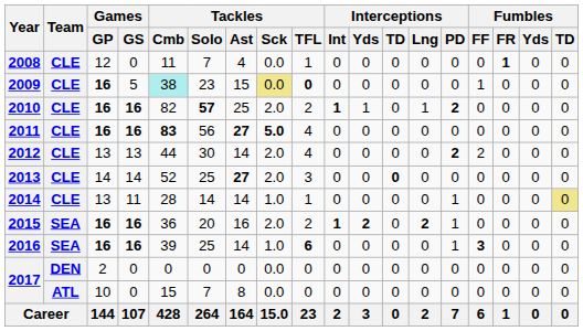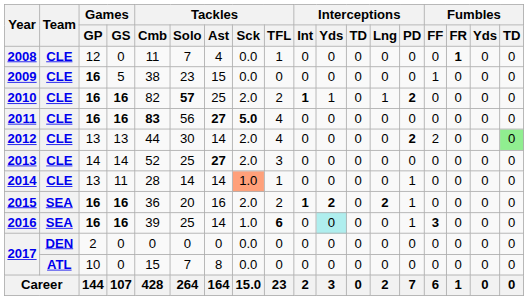 <table class="wikitable" style="text-align:center">
 <tr>
 <th rowspan="2">Year</th>
 <th rowspan="2">Team</th>
 <th colspan="2">Games</th>
 <th colspan="5">Tackles</th>
 <th colspan="5">Interceptions</th>
 <th colspan="4">Fumbles</th>
 </tr>
 <tr>
 <th>GP</th>
 <th>GS</th>
 <th>Cmb</th>
 <th>Solo</th>
 <th>Ast</th>
 <th>Sck</th>
 <th>TFL</th>
 <th>Int</th>
 <th>Yds</th>
 <th>TD</th>
 <th>Lng</th>
 <th>PD</th>
 <th>FF</th>
 <th>FR</th>
 <th>Yds</th>
 <th>TD</th>
 </tr>
 <tr>
 <th><a href='#'>2008</a></th>
 <th><a href='#'>CLE</a></th>
 <td>12</td>
 <td>0</td>
 <td>11</td>
 <td>7</td>
 <td>4</td>
 <td>0.0</td>
 <td>1</td>
 <td>0</td>
 <td>0</td>
 <td>0</td>
 <td>0</td>
 <td>0</td>
 <td>0</td>
 <td><strong>1</strong></td>
 <td>0</td>
 <td>0</td>
 </tr>
 <tr>
 <th><a href='#'>2009</a></th>
 <th><a href='#'>CLE</a></th>
 <td><strong>16</strong></td>
 <td>5</td>
-<td style="background: paleturquoise;">38</td>
+<td>38</td>
 <td>23</td>
 <td>15</td>
-<td style="background: khaki;">0.0</td>
-<td><strong>0</strong></td>
+<td>0.0</td>
+<td>0</td>
 <td>0</td>
 <td>0</td>
 <td>0</td>
 <td>0</td>
 <td>0</td>
 <td>1</td>
 <td>0</td>
 <td>0</td>
 <td>0</td>
 </tr>
 <tr>
 <th><a href='#'>2010</a></th>
 <th><a href='#'>CLE</a></th>
 <td><strong>16</strong></td>
 <td><strong>16</strong></td>
 <td>82</td>
 <td><strong>57</strong></td>
 <td>25</td>
 <td>2.0</td>
 <td>2</td>
 <td><strong>1</strong></td>
 <td>1</td>
 <td>0</td>
 <td>1</td>
 <td><strong>2</strong></td>
 <td>0</td>
 <td>0</td>
 <td>0</td>
 <td>0</td>
 </tr>
 <tr>
 <th><a href='#'>2011</a></th>
 <th><a href='#'>CLE</a></th>
 <td><strong>16</strong></td>
 <td><strong>16</strong></td>
 <td><strong>83</strong></td>
 <td>56</td>
 <td><strong>27</strong></td>
 <td><strong>5.0</strong></td>
 <td>4</td>
 <td>0</td>
 <td>0</td>
 <td>0</td>
 <td>0</td>
 <td>0</td>
 <td>0</td>
 <td>0</td>
 <td>0</td>
 <td>0</td>
 </tr>
 <tr>
 <th><a href='#'>2012</a></th>
 <th><a href='#'>CLE</a></th>
 <td>13</td>
 <td>13</td>
 <td>44</td>
 <td>30</td>
 <td>14</td>
 <td>2.0</td>
 <td>4</td>
 <td>0</td>
 <td>0</td>
 <td>0</td>
 <td>0</td>
 <td><strong>2</strong></td>
 <td>2</td>
 <td>0</td>
 <td>0</td>
-<td>0</td>
+<td style="background: lightgreen;">0</td>
 </tr>
 <tr>
 <th><a href='#'>2013</a></th>
 <th><a href='#'>CLE</a></th>
 <td>14</td>
 <td>14</td>
 <td>52</td>
 <td>25</td>
 <td><strong>27</strong></td>
 <td>2.0</td>
 <td>3</td>
 <td>0</td>
 <td>0</td>
-<td><strong>0</strong></td>
+<td>0</td>
 <td>0</td>
 <td>0</td>
 <td>0</td>
 <td>0</td>
 <td>0</td>
 <td>0</td>
 </tr>
 <tr>
 <th><a href='#'>2014</a></th>
 <th><a href='#'>CLE</a></th>
 <td>13</td>
 <td>11</td>
 <td>28</td>
 <td>14</td>
 <td>14</td>
-<td>1.0</td>
+<td style="background: lightsalmon;">1.0</td>
 <td>1</td>
 <td>0</td>
 <td>0</td>
 <td>0</td>
 <td>0</td>
 <td>1</td>
 <td>0</td>
 <td>0</td>
 <td>0</td>
-<td style="background: khaki;">0</td>
+<td>0</td>
 </tr>
 <tr>
 <th><a href='#'>2015</a></th>
 <th><a href='#'>SEA</a></th>
 <td><strong>16</strong></td>
 <td><strong>16</strong></td>
 <td>36</td>
 <td>20</td>
 <td>16</td>
 <td>2.0</td>
 <td>2</td>
 <td><strong>1</strong></td>
 <td><strong>2</strong></td>
 <td>0</td>
 <td><strong>2</strong></td>
 <td>1</td>
 <td>0</td>
 <td>0</td>
 <td>0</td>
 <td>0</td>
 </tr>
 <tr>
 <th><a href='#'>2016</a></th>
 <th><a href='#'>SEA</a></th>
 <td><strong>16</strong></td>
 <td><strong>16</strong></td>
 <td>39</td>
 <td>25</td>
 <td>14</td>
 <td>1.0</td>
 <td><strong>6</strong></td>
 <td>0</td>
-<td>0</td>
+<td style="background: paleturquoise;">0</td>
 <td>0</td>
 <td>0</td>
 <td>1</td>
 <td><strong>3</strong></td>
 <td>0</td>
 <td>0</td>
 <td>0</td>
 </tr>
 <tr>
 <th rowspan="2"><a href='#'>2017</a></th>
 <th><a href='#'>DEN</a></th>
 <td>2</td>
 <td>0</td>
 <td>0</td>
 <td>0</td>
 <td>0</td>
 <td>0.0</td>
 <td>0</td>
 <td>0</td>
 <td>0</td>
 <td>0</td>
 <td>0</td>
 <td>0</td>
 <td>0</td>
 <td>0</td>
 <td>0</td>
 <td>0</td>
 </tr>
 <tr>
 <th><a href='#'>ATL</a></th>
 <td>10</td>
 <td>0</td>
 <td>15</td>
 <td>7</td>
 <td>8</td>
 <td>0.0</td>
 <td>0</td>
 <td>0</td>
 <td>0</td>
 <td>0</td>
 <td>0</td>
 <td>0</td>
 <td>0</td>
 <td>0</td>
 <td>0</td>
 <td>0</td>
 </tr>
 <tr>
 <th colspan="2">Career</th>
 <th>144</th>
 <th>107</th>
 <th>428</th>
 <th>264</th>
 <th>164</th>
 <th>15.0</th>
 <th>23</th>
 <th>2</th>
 <th>3</th>
 <th>0</th>
 <th>2</th>
 <th>7</th>
 <th>6</th>
 <th>1</th>
 <th>0</th>
 <th>0</th>
 </tr>
 </table>
